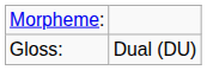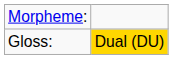 <table class="wikitable">
 <tr>
 <td><a href='#'>Morpheme</a>:</td>
 <td></td>
 </tr>
 <tr>
 <td>Gloss:</td>
-<td>Dual (DU)</td>
+<td style="background: gold;">Dual (DU)</td>
 </tr>
 </table>
